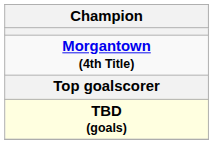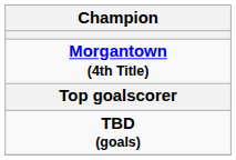 <table class="wikitable" style="margin: 0 auto; width: 220px;">
 <tr>
 <th>Champion</th>
 </tr>
 <tr>
 <th></th>
 </tr>
 <tr>
 <td align="center"><strong> <a href='#'>Morgantown</a> </strong><br><small><strong>(4th Title)</strong></small></td>
 </tr>
 <tr>
 <th>Top goalscorer</th>
 </tr>
 <tr>
-<td align="center" style="background: lightyellow;"><strong> TBD </strong><br><small><strong>(goals)</strong></small></td>
+<td align="center"><strong> TBD </strong><br><small><strong>(goals)</strong></small></td>
 </tr>
 <tr>
 </tr>
 </table>
